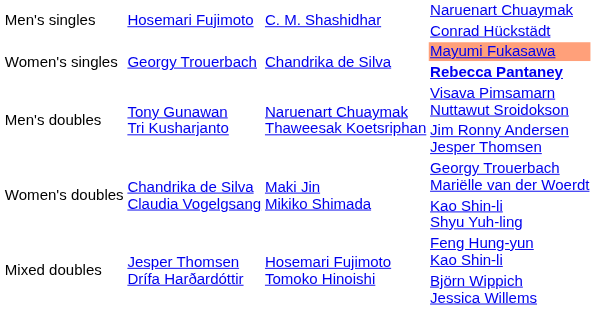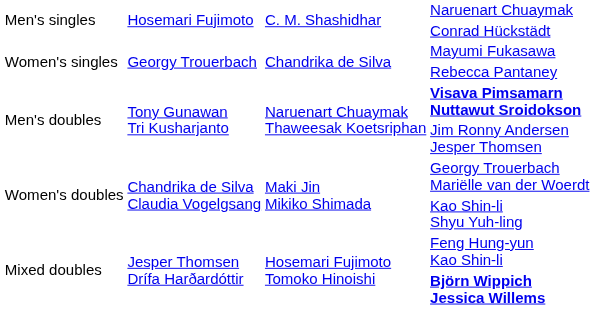 <table>
 <tr>
 <td rowspan="2">Men's singles</td>
 <td rowspan="2"> <a href='#'>Hosemari Fujimoto</a></td>
 <td rowspan="2"> <a href='#'>C. M. Shashidhar</a></td>
 <td> <a href='#'>Naruenart Chuaymak</a></td>
 </tr>
 <tr>
 <td> <a href='#'>Conrad Hückstädt</a></td>
 </tr>
 <tr>
 <td rowspan="2">Women's singles</td>
 <td rowspan="2"> <a href='#'>Georgy Trouerbach</a></td>
 <td rowspan="2"> <a href='#'>Chandrika de Silva</a></td>
-<td style="background: lightsalmon;"> <a href='#'>Mayumi Fukasawa</a></td>
+<td> <a href='#'>Mayumi Fukasawa</a></td>
 </tr>
 <tr>
-<td><strong> <a href='#'>Rebecca Pantaney</a></strong></td>
+<td> <a href='#'>Rebecca Pantaney</a></td>
 </tr>
 <tr>
 <td rowspan="2">Men's doubles</td>
 <td rowspan="2"> <a href='#'>Tony Gunawan</a><br> <a href='#'>Tri Kusharjanto</a></td>
 <td rowspan="2"> <a href='#'>Naruenart Chuaymak</a><br> <a href='#'>Thaweesak Koetsriphan</a></td>
-<td> <a href='#'>Visava Pimsamarn</a><br> <a href='#'>Nuttawut Sroidokson</a></td>
+<td><strong> <a href='#'>Visava Pimsamarn</a><br> <a href='#'>Nuttawut Sroidokson</a></strong></td>
 </tr>
 <tr>
 <td> <a href='#'>Jim Ronny Andersen</a><br> <a href='#'>Jesper Thomsen</a></td>
 </tr>
 <tr>
 <td rowspan="2">Women's doubles</td>
 <td rowspan="2"> <a href='#'>Chandrika de Silva</a><br> <a href='#'>Claudia Vogelgsang</a></td>
 <td rowspan="2"> <a href='#'>Maki Jin</a><br> <a href='#'>Mikiko Shimada</a></td>
 <td> <a href='#'>Georgy Trouerbach</a><br> <a href='#'>Mariëlle van der Woerdt</a></td>
 </tr>
 <tr>
 <td> <a href='#'>Kao Shin-li</a><br> <a href='#'>Shyu Yuh-ling</a></td>
 </tr>
 <tr>
 <td rowspan="2">Mixed doubles</td>
 <td rowspan="2"> <a href='#'>Jesper Thomsen</a><br> <a href='#'>Drífa Harðardóttir</a></td>
 <td rowspan="2"> <a href='#'>Hosemari Fujimoto</a><br> <a href='#'>Tomoko Hinoishi</a></td>
 <td> <a href='#'>Feng Hung-yun</a><br> <a href='#'>Kao Shin-li</a></td>
 </tr>
 <tr>
-<td> <a href='#'>Björn Wippich</a><br> <a href='#'>Jessica Willems</a></td>
+<td><strong> <a href='#'>Björn Wippich</a><br> <a href='#'>Jessica Willems</a></strong></td>
 </tr>
 </table>
